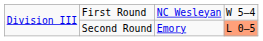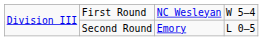 <table class="wikitable">
 <tr>
 <td rowspan="5"><a href='#'>Division III</a></td>
 <td>First Round</td>
 <td><a href='#'>NC Wesleyan</a></td>
 <td>W 5–4</td>
 </tr>
 <tr>
 <td>Second Round</td>
 <td><a href='#'>Emory</a></td>
-<td style="background: lightsalmon;">L 0–5</td>
+<td>L 0–5</td>
 </tr>
 </table>
